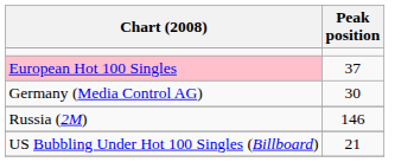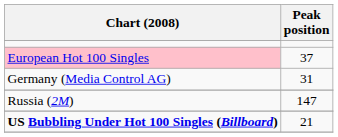 <table class="wikitable sortable">
 <tr>
 <th scope="col">Chart (2008)</th>
 <th scope="col">Peak<br>position</th>
 </tr>
 <tr>
 </tr>
 <tr>
 </tr>
 <tr>
 <td></td>
 </tr>
 <tr>
 <td style="background: pink;"><a href='#'>European Hot 100 Singles</a></td>
 <td align="center">37</td>
 </tr>
 <tr>
 <td>Germany (<a href='#'>Media Control AG</a>)</td>
-<td align="center">30</td>
+<td align="center">31</td>
 </tr>
 <tr>
 </tr>
 <tr>
 <td>Russia (<em><a href='#'>2M</a></em>)</td>
-<td align="center">146</td>
+<td align="center">147</td>
 </tr>
 <tr>
 </tr>
 <tr>
 </tr>
 <tr>
-<td>US <a href='#'>Bubbling Under Hot 100 Singles</a> (<em><a href='#'>Billboard</a></em>)</td>
+<td><strong>US <a href='#'>Bubbling Under Hot 100 Singles</a> (<em><a href='#'>Billboard</a></em>)</strong></td>
 <td align="center">21</td>
 </tr>
 <tr>
 </tr>
 </table>
